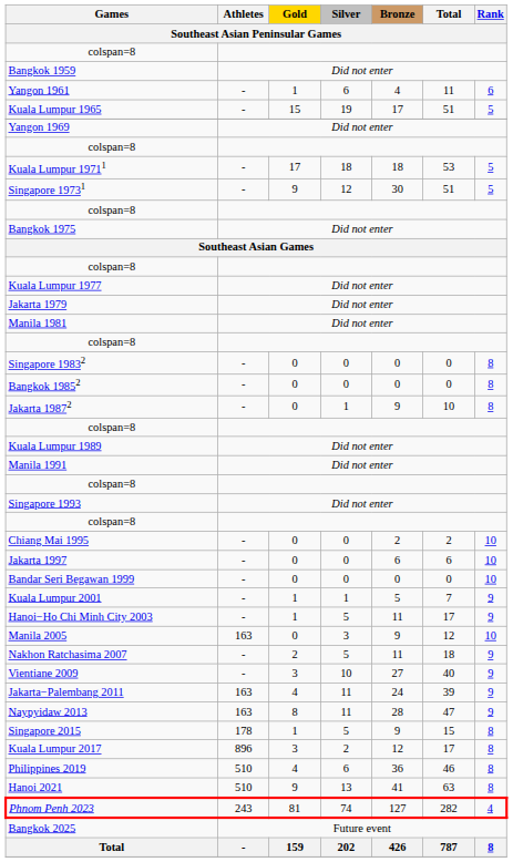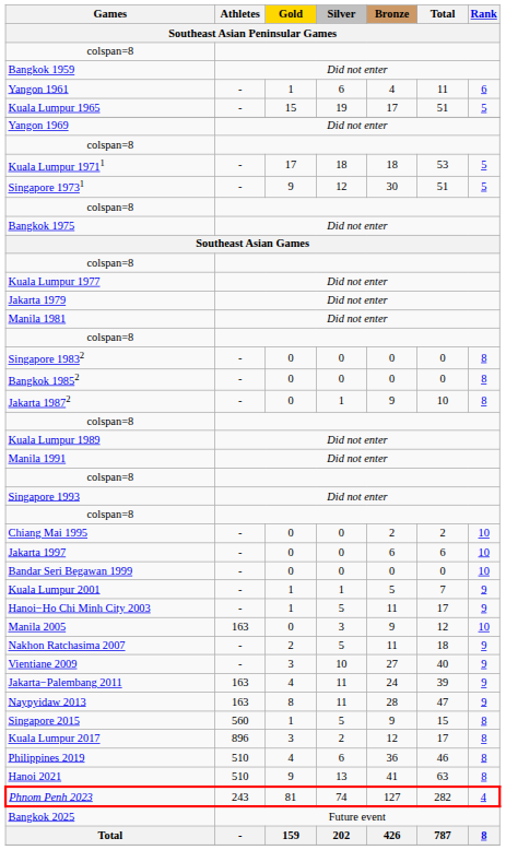 <table class="wikitable" style="text-align:center; font-size:90%;">
 <tr>
 <th style="width:18em;">Games</th>
 <th style="width:4em;">Athletes</th>
 <th style="width:4em; background:gold;">Gold</th>
 <th style="width:4em; background:silver;">Silver</th>
 <th style="width:4em; background:#cc9966;">Bronze</th>
 <th style="width:4em;">Total</th>
 <th style="width:2em;"><a href='#'>Rank</a></th>
 </tr>
 <tr>
 <th colspan=7><strong>Southeast Asian Peninsular Games</strong></th>
 </tr>
 <tr>
 <td>colspan=8 </td>
 </tr>
 <tr>
 <td align=left> <a href='#'>Bangkok 1959</a></td>
 <td colspan="6" align="center"><em>Did not enter</em></td>
 </tr>
 <tr>
 <td align=left> <a href='#'>Yangon 1961</a></td>
 <td>-</td>
 <td>1</td>
 <td>6</td>
 <td>4</td>
 <td>11</td>
 <td><a href='#'>6</a></td>
 </tr>
 <tr>
 <td align=left> <a href='#'>Kuala Lumpur 1965</a></td>
 <td>-</td>
 <td>15</td>
 <td>19</td>
 <td>17</td>
 <td>51</td>
 <td><a href='#'>5</a></td>
 </tr>
 <tr>
 </tr>
 <tr>
 <td align=left> <a href='#'>Yangon 1969</a></td>
 <td colspan="6" align="center"><em>Did not enter</em></td>
 </tr>
 <tr>
 <td>colspan=8 </td>
 </tr>
 <tr>
 <td align=left> <a href='#'>Kuala Lumpur 1971</a><sup>1</sup></td>
 <td>-</td>
 <td>17</td>
 <td>18</td>
 <td>18</td>
 <td>53</td>
 <td><a href='#'>5</a></td>
 </tr>
 <tr>
 <td align=left> <a href='#'>Singapore 1973</a><sup>1</sup></td>
 <td>-</td>
 <td>9</td>
 <td>12</td>
 <td>30</td>
 <td>51</td>
 <td><a href='#'>5</a></td>
 </tr>
 <tr>
 <td>colspan=8 </td>
 </tr>
 <tr>
 <td align=left> <a href='#'>Bangkok 1975</a></td>
 <td colspan="6" align="center"><em>Did not enter</em></td>
 </tr>
 <tr>
 <th colspan=7><strong>Southeast Asian Games</strong></th>
 </tr>
 <tr>
 <td>colspan=8 </td>
 </tr>
 <tr>
 <td align=left> <a href='#'>Kuala Lumpur 1977</a></td>
 <td colspan="6" align="center"><em>Did not enter</em></td>
 </tr>
 <tr>
 <td align=left> <a href='#'>Jakarta 1979</a></td>
 <td colspan="6" align="center"><em>Did not enter</em></td>
 </tr>
 <tr>
 <td align=left> <a href='#'>Manila 1981</a></td>
 <td colspan="6" align="center"><em>Did not enter</em></td>
 </tr>
 <tr>
 <td>colspan=8 </td>
 </tr>
 <tr>
 <td align=left> <a href='#'>Singapore 1983</a><sup>2</sup></td>
 <td>-</td>
 <td>0</td>
 <td>0</td>
 <td>0</td>
 <td>0</td>
 <td><a href='#'>8</a></td>
 </tr>
 <tr>
 <td align=left> <a href='#'>Bangkok 1985</a><sup>2</sup></td>
 <td>-</td>
 <td>0</td>
 <td>0</td>
 <td>0</td>
 <td>0</td>
 <td><a href='#'>8</a></td>
 </tr>
 <tr>
 <td align=left> <a href='#'>Jakarta 1987</a><sup>2</sup></td>
 <td>-</td>
 <td>0</td>
 <td>1</td>
 <td>9</td>
 <td>10</td>
 <td><a href='#'>8</a></td>
 </tr>
 <tr>
 <td>colspan=8 </td>
 </tr>
 <tr>
 <td align=left> <a href='#'>Kuala Lumpur 1989</a></td>
 <td colspan="6" align="center"><em>Did not enter</em></td>
 </tr>
 <tr>
 <td align=left> <a href='#'>Manila 1991</a></td>
 <td colspan="6" align="center"><em>Did not enter</em></td>
 </tr>
 <tr>
 <td>colspan=8 </td>
 </tr>
 <tr>
 <td align=left> <a href='#'>Singapore 1993</a></td>
 <td colspan="6" align="center"><em>Did not enter</em></td>
 </tr>
 <tr>
 <td>colspan=8 </td>
 </tr>
 <tr>
 <td align=left> <a href='#'>Chiang Mai 1995</a></td>
 <td>-</td>
 <td>0</td>
 <td>0</td>
 <td>2</td>
 <td>2</td>
 <td><a href='#'>10</a></td>
 </tr>
 <tr>
 <td align=left> <a href='#'>Jakarta 1997</a></td>
 <td>-</td>
 <td>0</td>
 <td>0</td>
 <td>6</td>
 <td>6</td>
 <td><a href='#'>10</a></td>
 </tr>
 <tr>
 <td align=left> <a href='#'>Bandar Seri Begawan 1999</a></td>
 <td>-</td>
 <td>0</td>
 <td>0</td>
 <td>0</td>
 <td>0</td>
 <td><a href='#'>10</a></td>
 </tr>
 <tr>
 <td align=left> <a href='#'>Kuala Lumpur 2001</a></td>
 <td>-</td>
 <td>1</td>
 <td>1</td>
 <td>5</td>
 <td>7</td>
 <td><a href='#'>9</a></td>
 </tr>
 <tr>
 <td align=left> <a href='#'>Hanoi−Ho Chi Minh City 2003</a></td>
 <td>-</td>
 <td>1</td>
 <td>5</td>
 <td>11</td>
 <td>17</td>
 <td><a href='#'>9</a></td>
 </tr>
 <tr>
 <td align=left> <a href='#'>Manila 2005</a></td>
 <td>163</td>
 <td>0</td>
 <td>3</td>
 <td>9</td>
 <td>12</td>
 <td><a href='#'>10</a></td>
 </tr>
 <tr>
 <td align=left> <a href='#'>Nakhon Ratchasima 2007</a></td>
 <td>-</td>
 <td>2</td>
 <td>5</td>
 <td>11</td>
 <td>18</td>
 <td><a href='#'>9</a></td>
 </tr>
 <tr>
 <td align=left> <a href='#'>Vientiane 2009</a></td>
 <td>-</td>
 <td>3</td>
 <td>10</td>
 <td>27</td>
 <td>40</td>
 <td><a href='#'>9</a></td>
 </tr>
 <tr>
 <td align=left> <a href='#'>Jakarta−Palembang 2011</a></td>
 <td>163</td>
 <td>4</td>
 <td>11</td>
 <td>24</td>
 <td>39</td>
 <td><a href='#'>9</a></td>
 </tr>
 <tr>
 <td align=left> <a href='#'>Naypyidaw 2013</a></td>
 <td>163</td>
 <td>8</td>
 <td>11</td>
 <td>28</td>
 <td>47</td>
 <td><a href='#'>9</a></td>
 </tr>
 <tr>
 <td align=left> <a href='#'>Singapore 2015</a></td>
-<td>178</td>
+<td>560</td>
 <td>1</td>
 <td>5</td>
 <td>9</td>
 <td>15</td>
 <td><a href='#'>8</a></td>
 </tr>
 <tr>
 <td align=left> <a href='#'>Kuala Lumpur 2017</a></td>
 <td>896</td>
 <td>3</td>
 <td>2</td>
 <td>12</td>
 <td>17</td>
 <td><a href='#'>8</a></td>
 </tr>
 <tr>
 <td align=left> <a href='#'>Philippines 2019</a></td>
 <td>510</td>
 <td>4</td>
 <td>6</td>
 <td>36</td>
 <td>46</td>
 <td><a href='#'>8</a></td>
 </tr>
 <tr>
 <td align=left> <a href='#'>Hanoi 2021</a></td>
 <td>510</td>
 <td>9</td>
 <td>13</td>
 <td>41</td>
 <td>63</td>
 <td><a href='#'>8</a></td>
 </tr>
 <tr style="border: 3px solid red">
 <td align=left><em> <a href='#'>Phnom Penh 2023</a></td>
 <td>243</td>
 <td>81</td>
 <td>74</td>
 <td>127</td>
 <td>282</td>
 <td><a href='#'>4</a></td>
 </tr>
 <tr>
 <td align=left></em> <a href='#'>Bangkok 2025</a><em></td>
 <td colspan=6></em>Future event<em></td>
 </tr>
 <tr>
 <th><strong>Total</strong></th>
 <th>-</th>
 <th><strong>159</strong></th>
 <th><strong>202</strong></th>
 <th><strong>426</strong></th>
 <th><strong>787</strong></th>
 <th><strong><a href='#'>8</a></strong></th>
 </tr>
 <tr class="sortbottom">
 </tr>
 </table>
